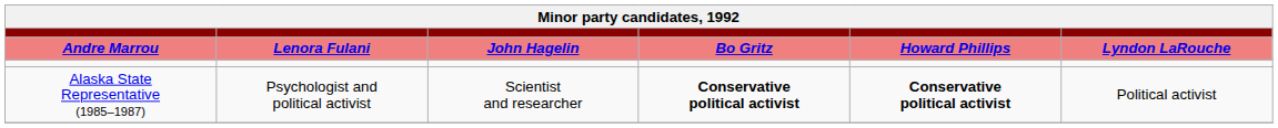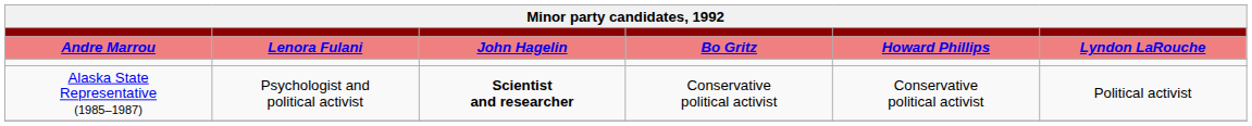 <table class="wikitable" style="font-size:90%; text-align:center;">
 <tr>
 <td style="background:#f1f1f1;font-size:big" colspan="30"><strong>Minor party candidates, 1992</strong></td>
 </tr>
 <tr>
 <th style="width:3em; font-size:135%; background:#8B0000; width:100px;"></th>
 <th style="width:3em; font-size:135%; background:#8B0000; width:100px;"></th>
 <th style="width:3em; font-size:135%; background:#8B0000; width:100px;"></th>
 <th style="width:3em; font-size:135%; background:#8B0000; width:100px;"></th>
 <th style="width:3em; font-size:135%; background:#8B0000; width:100px;"></th>
 <th style="width:3em; font-size:135%; background:#8B0000; width:100px;"></th>
 </tr>
 <tr style="color:#000; font-size:100%; background:#F08080;">
 <td style="width:3em; width:200px;"><strong><em><a href='#'>Andre Marrou</a></em></strong></td>
 <td style="width:3em; width:200px;"><strong><em><a href='#'>Lenora Fulani</a></em></strong></td>
 <td style="width:3em; width:200px;"><strong><em><a href='#'>John Hagelin</a></em></strong></td>
 <td style="width:3em; width:200px;"><strong><em><a href='#'>Bo Gritz</a></em></strong></td>
 <td style="width:3em; width:200px;"><strong><em><a href='#'>Howard Phillips</a></em></strong></td>
 <td style="width:3em; width:200px;"><strong><em><a href='#'>Lyndon LaRouche</a></em></strong></td>
 </tr>
 <tr>
 <td></td>
 <td></td>
 <td></td>
 <td></td>
 <td></td>
 <td></td>
 </tr>
 <tr>
 <td><a href='#'>Alaska State<br> Representative</a><br><small>(1985–1987)</small></td>
 <td>Psychologist and <br>political activist</td>
-<td>Scientist<br>and researcher</td>
-<td><strong>Conservative<br>political activist</strong></td>
-<td><strong>Conservative<br>political activist</strong></td>
+<td><strong>Scientist<br>and researcher</strong></td>
+<td>Conservative<br>political activist</td>
+<td>Conservative<br>political activist</td>
 <td>Political activist</td>
 </tr>
 <tr>
 </tr>
 </table>
